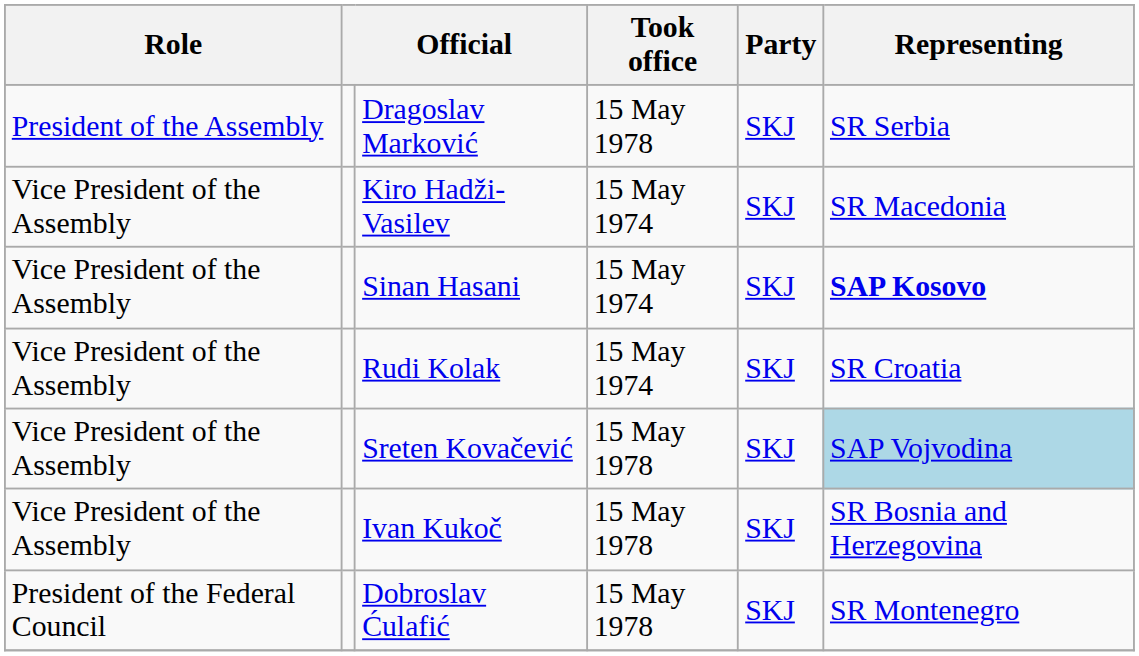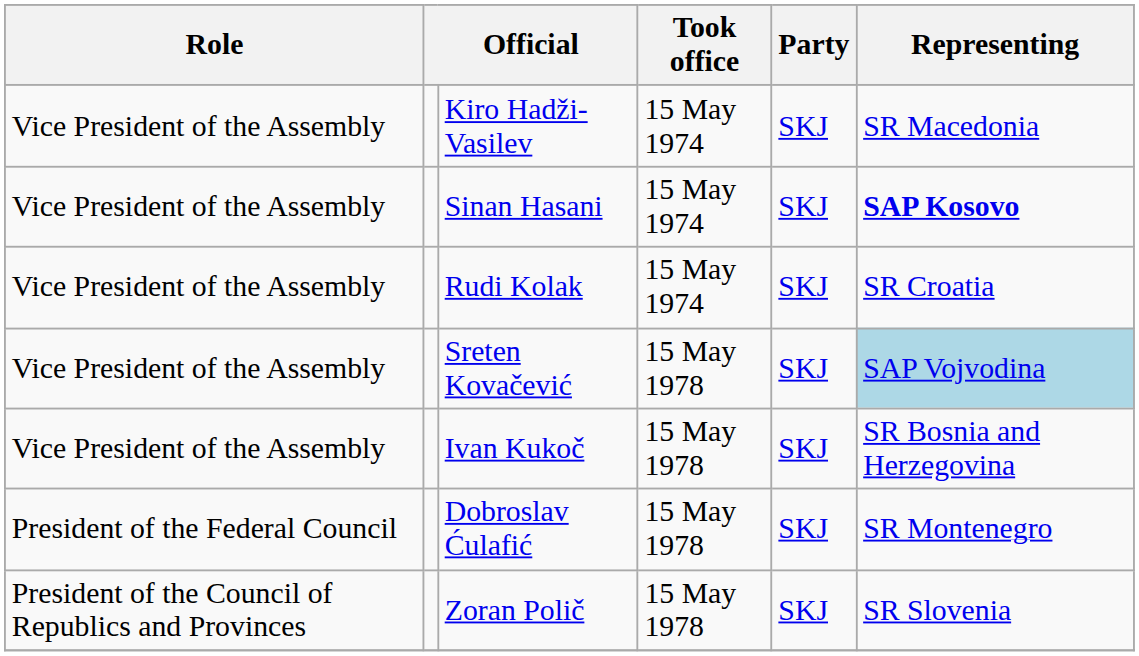 <table class="wikitable">
 <tr>
 <th style="text-align: center;">Role</th>
 <th colspan="2" style="text-align: center;">Official</th>
 <th style="text-align: center;">Took office</th>
 <th style="text-align: center;">Party</th>
 <th style="text-align: center;">Representing</th>
-</tr>
-<tr>
-<td><a href='#'>President of the Assembly</a></td>
-<td style="background:"></td>
-<td><a href='#'>Dragoslav Marković</a></td>
-<td>15 May 1978</td>
-<td><a href='#'>SKJ</a></td>
-<td><a href='#'>SR Serbia</a></td>
 </tr>
 <tr>
 <td>Vice President of the Assembly</td>
 <td style="background:"></td>
 <td><a href='#'>Kiro Hadži-Vasilev</a></td>
 <td>15 May 1974</td>
 <td><a href='#'>SKJ</a></td>
 <td><a href='#'>SR Macedonia</a></td>
 </tr>
 <tr>
 <td>Vice President of the Assembly</td>
 <td style="background:"></td>
 <td><a href='#'>Sinan Hasani</a></td>
 <td>15 May 1974</td>
 <td><a href='#'>SKJ</a></td>
 <td><strong><a href='#'>SAP Kosovo</a></strong></td>
 </tr>
 <tr>
 <td>Vice President of the Assembly</td>
 <td style="background:"></td>
 <td><a href='#'>Rudi Kolak</a></td>
 <td>15 May 1974</td>
 <td><a href='#'>SKJ</a></td>
 <td><a href='#'>SR Croatia</a></td>
 </tr>
 <tr>
 <td>Vice President of the Assembly</td>
 <td style="background:"></td>
 <td><a href='#'>Sreten Kovačević</a></td>
 <td>15 May 1978</td>
 <td><a href='#'>SKJ</a></td>
 <td style="background: lightblue;"><a href='#'>SAP Vojvodina</a></td>
 </tr>
 <tr>
 <td>Vice President of the Assembly</td>
 <td style="background:"></td>
 <td><a href='#'>Ivan Kukoč</a></td>
 <td>15 May 1978</td>
 <td><a href='#'>SKJ</a></td>
 <td><a href='#'>SR Bosnia and Herzegovina</a></td>
 </tr>
 <tr>
 <td>President of the Federal Council</td>
 <td style="background:"></td>
 <td><a href='#'>Dobroslav Ćulafić</a></td>
 <td>15 May 1978</td>
 <td><a href='#'>SKJ</a></td>
 <td><a href='#'>SR Montenegro</a></td>
 </tr>
 <tr>
+<td>President of the Council of Republics and Provinces</td>
+<td style="background:"></td>
+<td><a href='#'>Zoran Polič</a></td>
+<td>15 May 1978</td>
+<td><a href='#'>SKJ</a></td>
+<td><a href='#'>SR Slovenia</a></td>
+</tr>
+<tr>
 </tr>
 </table>
